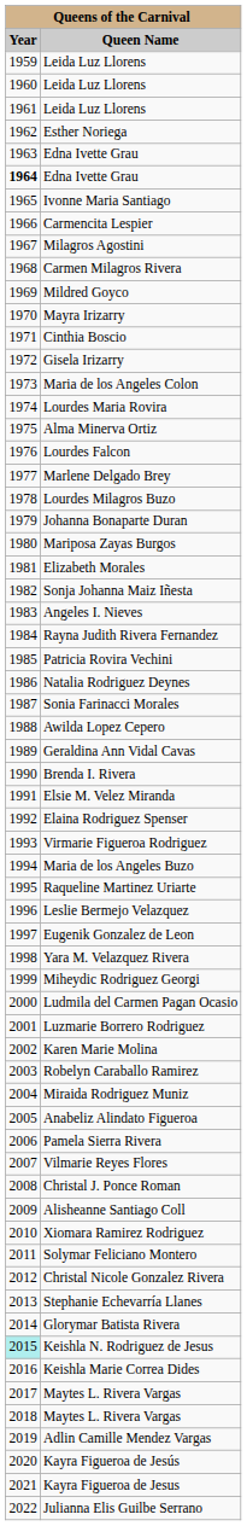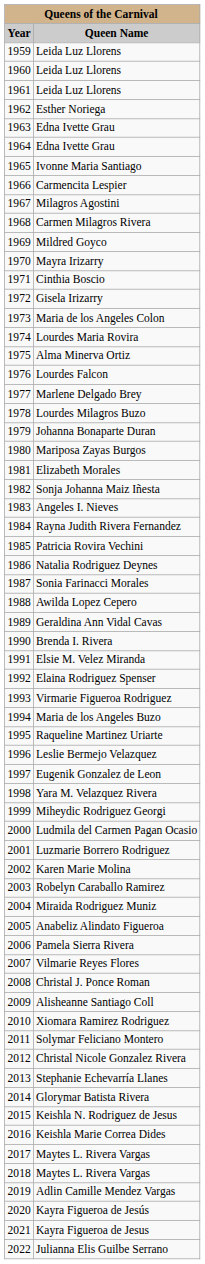 <table class="wikitable collapsible collapsed" style="float:left; margin:0 0 0.5em 1em; text-align:left; font-size:90%;">
 <tr>
 <th style="background:tan; text-align:center" colspan="2"><span>Queens of the Carnival</span> </th>
 </tr>
 <tr style="background:#ccc; text-align:center;">
 <td><strong>Year</strong></td>
 <td><strong>Queen Name</strong></td>
 </tr>
 <tr>
 <td align=left>1959</td>
 <td>Leida Luz Llorens</td>
 </tr>
 <tr>
 <td align=left>1960</td>
 <td>Leida Luz Llorens</td>
 </tr>
 <tr>
 <td align=left>1961</td>
 <td>Leida Luz Llorens</td>
 </tr>
 <tr>
 <td align=left>1962</td>
 <td>Esther Noriega</td>
 </tr>
 <tr>
 <td align=left>1963</td>
 <td>Edna Ivette Grau</td>
 </tr>
 <tr>
-<td align=left><strong>1964</strong></td>
+<td align=left>1964</td>
 <td>Edna Ivette Grau</td>
 </tr>
 <tr>
 <td align=left>1965</td>
 <td>Ivonne Maria Santiago</td>
 </tr>
 <tr>
 <td align=left>1966</td>
 <td>Carmencita Lespier</td>
 </tr>
 <tr>
 <td align=left>1967</td>
 <td>Milagros Agostini</td>
 </tr>
 <tr>
 <td align=left>1968</td>
 <td>Carmen Milagros Rivera</td>
 </tr>
 <tr>
 <td align=left>1969</td>
 <td>Mildred Goyco</td>
 </tr>
 <tr>
 <td align=left>1970</td>
 <td>Mayra Irizarry</td>
 </tr>
 <tr>
 <td align=left>1971</td>
 <td>Cinthia Boscio</td>
 </tr>
 <tr>
 <td align=left>1972</td>
 <td>Gisela Irizarry</td>
 </tr>
 <tr>
 <td align=left>1973</td>
 <td>Maria de los Angeles Colon</td>
 </tr>
 <tr>
 <td align=left>1974</td>
 <td>Lourdes Maria Rovira</td>
 </tr>
 <tr>
 <td align=left>1975</td>
 <td>Alma Minerva Ortiz</td>
 </tr>
 <tr>
 <td align=left>1976</td>
 <td>Lourdes Falcon</td>
 </tr>
 <tr>
 <td align=left>1977</td>
 <td>Marlene Delgado Brey</td>
 </tr>
 <tr>
 <td align=left>1978</td>
 <td>Lourdes Milagros Buzo</td>
 </tr>
 <tr>
 <td align=left>1979</td>
 <td>Johanna Bonaparte Duran</td>
 </tr>
 <tr>
 <td align=left>1980</td>
 <td>Mariposa Zayas Burgos</td>
 </tr>
 <tr>
 <td align=left>1981</td>
 <td>Elizabeth Morales</td>
 </tr>
 <tr>
 <td align=left>1982</td>
 <td>Sonja Johanna Maiz Iñesta</td>
 </tr>
 <tr>
 <td align=left>1983</td>
 <td>Angeles I. Nieves</td>
 </tr>
 <tr>
 <td align=left>1984</td>
 <td>Rayna Judith Rivera Fernandez</td>
 </tr>
 <tr>
 <td align=left>1985</td>
 <td>Patricia Rovira Vechini</td>
 </tr>
 <tr>
 <td align=left>1986</td>
 <td>Natalia Rodriguez Deynes</td>
 </tr>
 <tr>
 <td align=left>1987</td>
 <td>Sonia Farinacci Morales</td>
 </tr>
 <tr>
 <td align=left>1988</td>
 <td>Awilda Lopez Cepero</td>
 </tr>
 <tr>
 <td align=left>1989</td>
 <td>Geraldina Ann Vidal Cavas</td>
 </tr>
 <tr>
 <td align=left>1990</td>
 <td>Brenda I. Rivera</td>
 </tr>
 <tr>
 <td align=left>1991</td>
 <td>Elsie M. Velez Miranda</td>
 </tr>
 <tr>
 <td align=left>1992</td>
 <td>Elaina Rodriguez Spenser</td>
 </tr>
 <tr>
 <td align=left>1993</td>
 <td>Virmarie Figueroa Rodriguez</td>
 </tr>
 <tr>
 <td align=left>1994</td>
 <td>Maria de los Angeles Buzo</td>
 </tr>
 <tr>
 <td align=left>1995</td>
 <td>Raqueline Martinez Uriarte</td>
 </tr>
 <tr>
 <td align=left>1996</td>
 <td>Leslie Bermejo Velazquez</td>
 </tr>
 <tr>
 <td align=left>1997</td>
 <td>Eugenik Gonzalez de Leon</td>
 </tr>
 <tr>
 <td align=left>1998</td>
 <td>Yara M. Velazquez Rivera</td>
 </tr>
 <tr>
 <td align=left>1999</td>
 <td>Miheydic Rodriguez Georgi</td>
 </tr>
 <tr>
 <td align=left>2000</td>
 <td>Ludmila del Carmen Pagan Ocasio</td>
 </tr>
 <tr>
 <td align=left>2001</td>
 <td>Luzmarie Borrero Rodriguez</td>
 </tr>
 <tr>
 <td align=left>2002</td>
 <td>Karen Marie Molina</td>
 </tr>
 <tr>
 <td align=left>2003</td>
 <td>Robelyn Caraballo Ramirez</td>
 </tr>
 <tr>
 <td align=left>2004</td>
 <td>Miraida Rodriguez Muniz</td>
 </tr>
 <tr>
 <td align=left>2005</td>
 <td>Anabeliz Alindato Figueroa</td>
 </tr>
 <tr>
 <td align=left>2006</td>
 <td>Pamela Sierra Rivera</td>
 </tr>
 <tr>
 <td align=left>2007</td>
 <td>Vilmarie Reyes Flores</td>
 </tr>
 <tr>
 <td align=left>2008</td>
 <td>Christal J. Ponce Roman</td>
 </tr>
 <tr>
 <td align=left>2009</td>
 <td>Alisheanne Santiago Coll</td>
 </tr>
 <tr>
 <td align=left>2010</td>
 <td>Xiomara Ramirez Rodriguez</td>
 </tr>
 <tr>
 <td align=left>2011</td>
 <td>Solymar Feliciano Montero</td>
 </tr>
 <tr>
 <td align=left>2012</td>
 <td>Christal Nicole Gonzalez Rivera</td>
 </tr>
 <tr>
 <td align=left>2013</td>
 <td>Stephanie Echevarría Llanes<br></td>
 </tr>
 <tr>
 <td align=left>2014</td>
 <td>Glorymar Batista Rivera<br></td>
 </tr>
 <tr>
-<td align=left style="background: paleturquoise;">2015</td>
+<td align=left>2015</td>
 <td>Keishla N. Rodriguez de Jesus</td>
 </tr>
 <tr>
 <td align=left>2016</td>
 <td>Keishla Marie Correa Dides</td>
 </tr>
 <tr>
 <td align=left>2017</td>
 <td>Maytes L. Rivera Vargas<br></td>
 </tr>
 <tr>
 <td align=left>2018</td>
 <td>Maytes L. Rivera Vargas</td>
 </tr>
 <tr>
 <td align=left>2019</td>
 <td>Adlin Camille Mendez Vargas</td>
 </tr>
 <tr>
 <td align=left>2020</td>
 <td>Kayra Figueroa de Jesús</td>
 </tr>
 <tr>
 <td align=left>2021</td>
 <td>Kayra Figueroa de Jesus</td>
 </tr>
 <tr>
 <td align=left>2022</td>
 <td>Julianna Elis Guilbe Serrano</td>
 </tr>
 </table>
